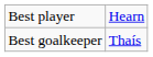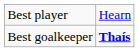 <table class="wikitable">
 <tr>
 <td>Best player</td>
 <td> <a href='#'>Hearn</a></td>
 </tr>
 <tr>
 <td>Best goalkeeper</td>
-<td> <a href='#'>Thaís</a></td>
+<td><strong> <a href='#'>Thaís</a></strong></td>
 </tr>
 </table>
